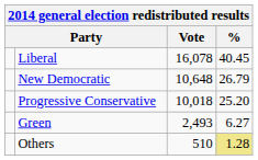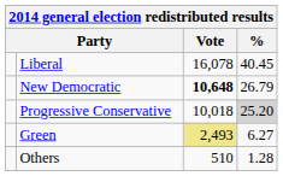 <table class="wikitable">
 <tr>
 <th colspan="4"><a href='#'>2014 general election</a> redistributed results</th>
 </tr>
 <tr>
 <th bgcolor="#DDDDFF" width="130px" colspan="2">Party</th>
 <th bgcolor="#DDDDFF" width="50px">Vote</th>
 <th bgcolor="#DDDDFF" width="30px">%</th>
 </tr>
 <tr>
 <td> </td>
 <td><a href='#'>Liberal</a></td>
 <td align=right>16,078</td>
 <td align=right>40.45</td>
 </tr>
 <tr>
 <td> </td>
 <td><a href='#'>New Democratic</a></td>
-<td align=right>10,648</td>
+<td align=right><strong>10,648</strong></td>
 <td align=right>26.79</td>
 </tr>
 <tr>
 <td> </td>
 <td><a href='#'>Progressive Conservative</a></td>
 <td align=right>10,018</td>
-<td align=right>25.20</td>
+<td align=right style="background: lightgrey;">25.20</td>
 </tr>
 <tr>
 <td> </td>
 <td><a href='#'>Green</a></td>
-<td align=right>2,493</td>
+<td align=right style="background: khaki;">2,493</td>
 <td align=right>6.27</td>
 </tr>
 <tr>
 <td> </td>
 <td>Others</td>
 <td align=right>510</td>
-<td align=right style="background: khaki;">1.28</td>
+<td align=right>1.28</td>
 </tr>
 </table>
